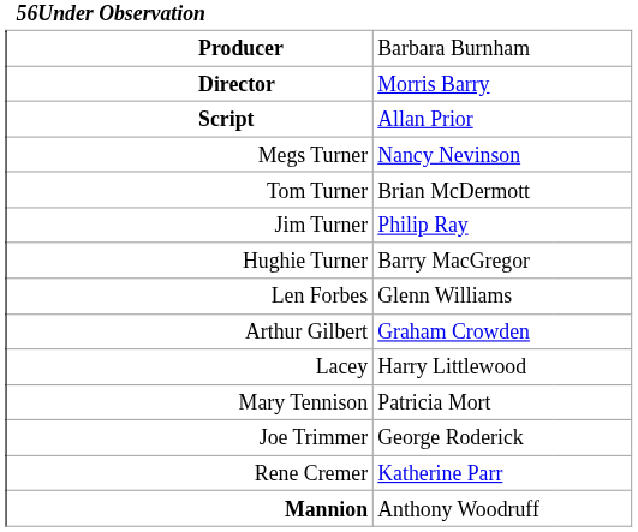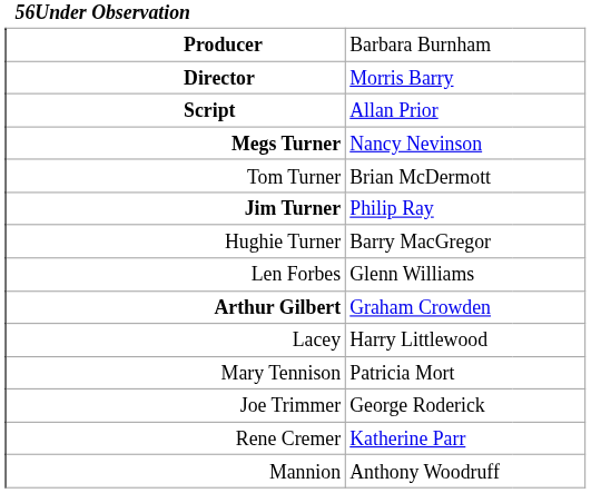 <table class="wikitable mw-collapsible mw-collapsed" style="vertical-align:top;margin:auto 2em;line-height:1.2;min-width:33em;display: inline-table;background-color:inherit;border:none;">
 <tr>
 <td class=unsortable style="border:hidden;line-height:1.67;text-align:center;margin-left:-1em;padding-left:0.5em;min-width:1.0em;"></td>
 <td class=unsortable style="border:none;padding-left:0.5em;text-align:left;min-width:16.5em;font-weight:700;font-style:italic;">56Under Observation</td>
 <td class=unsortable style="border:none;text-align:right;font-weight:normal;font-family:Courier;font-size:95%;letter-spacing:-1pt;min-width:8.5em;padding-right:0.2em;"></td>
 <td class=unsortable style="border:hidden;min-width:3.5em;padding-left:0;"></td>
 <td class=unsortable style="border:hidden;min-width:3.5em;font-size:95%;"></td>
 </tr>
 <tr>
 <td rowspan=100 style="border:none thin;border-right-style :solid;"></td>
 </tr>
 <tr>
 <td style="text-align:left;padding-left:9.0em;font-weight:bold;">Producer</td>
 <td colspan=2>Barbara Burnham</td>
 </tr>
 <tr>
 <td style="text-align:left;padding-left:9.0em;font-weight:bold;">Director</td>
 <td colspan=2><a href='#'>Morris Barry</a></td>
 </tr>
 <tr>
 <td style="text-align:left;padding-left:9.0em;font-weight:bold;">Script</td>
 <td colspan=2><a href='#'>Allan Prior</a></td>
 </tr>
 <tr>
-<td style="text-align:right;">Megs Turner</td>
+<td style="text-align:right;"><strong>Megs Turner</strong></td>
 <td colspan=2><a href='#'>Nancy Nevinson</a></td>
 </tr>
 <tr>
 <td style="text-align:right;">Tom Turner</td>
 <td colspan=2>Brian McDermott</td>
 </tr>
 <tr>
-<td style="text-align:right;">Jim Turner</td>
+<td style="text-align:right;"><strong>Jim Turner</strong></td>
 <td colspan=2><a href='#'>Philip Ray</a></td>
 </tr>
 <tr>
 <td style="text-align:right;">Hughie Turner</td>
 <td colspan=2>Barry MacGregor</td>
 </tr>
 <tr>
 <td style="text-align:right;">Len Forbes</td>
 <td colspan=2>Glenn Williams</td>
 </tr>
 <tr>
-<td style="text-align:right;">Arthur Gilbert</td>
+<td style="text-align:right;"><strong>Arthur Gilbert</strong></td>
 <td colspan=2><a href='#'>Graham Crowden</a></td>
 </tr>
 <tr>
 <td style="text-align:right;">Lacey</td>
 <td colspan=2>Harry Littlewood</td>
 </tr>
 <tr>
 <td style="text-align:right;">Mary Tennison</td>
 <td colspan=2>Patricia Mort</td>
 </tr>
 <tr>
 <td style="text-align:right;">Joe Trimmer</td>
 <td colspan=2>George Roderick</td>
 </tr>
 <tr>
 <td style="text-align:right;">Rene Cremer</td>
 <td colspan=2><a href='#'>Katherine Parr</a></td>
 </tr>
 <tr>
-<td style="text-align:right;"><strong>Mannion</strong></td>
+<td style="text-align:right;">Mannion</td>
 <td colspan=2>Anthony Woodruff</td>
 </tr>
 </table>
